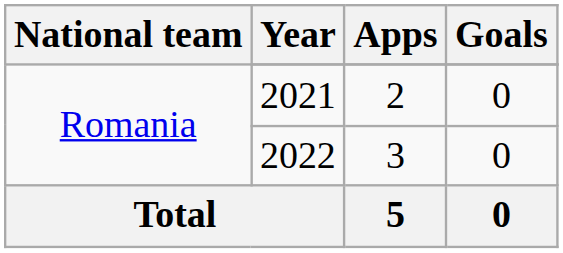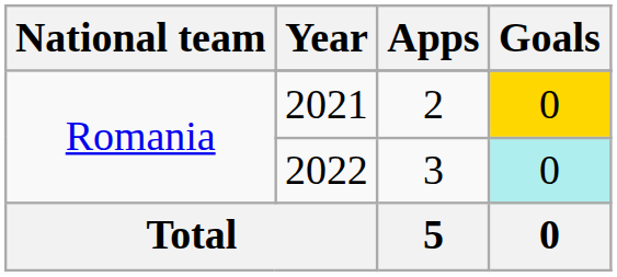 <table class="wikitable" style="text-align: center;">
 <tr>
 <th>National team</th>
 <th>Year</th>
 <th>Apps</th>
 <th>Goals</th>
 </tr>
 <tr>
 <td rowspan="3"><a href='#'>Romania</a></td>
 </tr>
 <tr>
 <td>2021</td>
 <td>2</td>
-<td>0</td>
+<td style="background: gold;">0</td>
 </tr>
 <tr>
 <td>2022</td>
 <td>3</td>
-<td>0</td>
+<td style="background: paleturquoise;">0</td>
 </tr>
 <tr>
 <th colspan=2>Total</th>
 <th>5</th>
 <th>0</th>
 </tr>
 </table>
